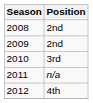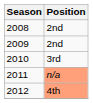 <table class="wikitable collapsible">
 <tr>
 <th>Season</th>
 <th>Position</th>
 </tr>
 <tr style="background-color:#">
 <td>2008 </td>
 <td>2nd</td>
 </tr>
 <tr style="background-color:#">
 <td>2009 </td>
 <td>2nd</td>
 </tr>
 <tr>
 <td>2010 </td>
 <td>3rd</td>
 </tr>
 <tr>
 <td>2011 </td>
-<td><em>n/a</em></td>
+<td style="background: lightsalmon;"><em>n/a</em></td>
 </tr>
 <tr>
 <td>2012 </td>
-<td>4th</td>
+<td style="background: lightsalmon;">4th</td>
 </tr>
 <tr>
 </tr>
 </table>
